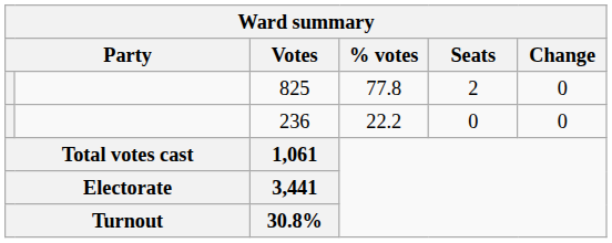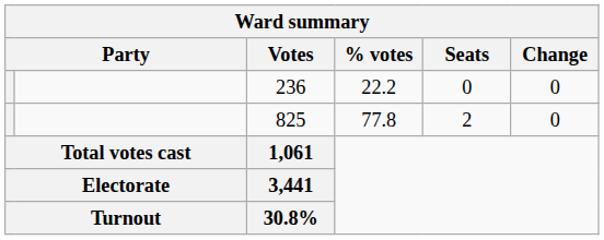 <table class="wikitable" style="font-size: 95%;">
 <tr style="background-color:#E9E9E9">
 <th colspan="6">Ward summary</th>
 </tr>
 <tr style="background-color:#E9E9E9">
 <th colspan="2">Party</th>
 <th style="width: 60px">Votes</th>
 <th style="width: 60px">% votes</th>
 <th style="width: 60px">Seats</th>
 <th style="width: 60px">Change</th>
 </tr>
 <tr>
 <th style="background-color: "></th>
 <td style="width: 170px"><a href='#'></a></td>
-<td align="center">825</td>
-<td align="center">77.8</td>
-<td align="center">2</td>
+<td align="center">236</td>
+<td align="center">22.2</td>
+<td align="center">0</td>
 <td align="center">0</td>
 </tr>
 <tr>
 <th style="background-color: "></th>
 <td style="width: 170px"><a href='#'></a></td>
-<td align="center">236</td>
-<td align="center">22.2</td>
-<td align="center">0</td>
+<td align="center">825</td>
+<td align="center">77.8</td>
+<td align="center">2</td>
 <td align="center">0</td>
 </tr>
 <tr style="background-color:#E9E9E9">
 <th colspan="2">Total votes cast</th>
 <th style="width: 60px">1,061</th>
 </tr>
 <tr style="background-color:#E9E9E9">
 <th colspan="2">Electorate</th>
 <th style="width: 60px">3,441</th>
 </tr>
 <tr style="background-color:#E9E9E9">
 <th colspan="2">Turnout</th>
 <th style="width: 60px">30.8%</th>
 </tr>
 </table>
